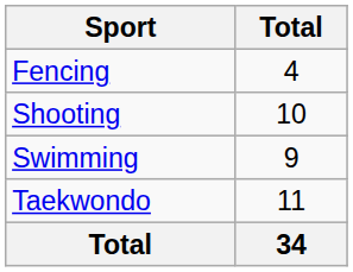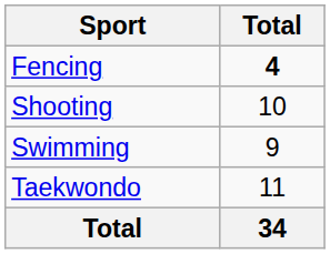 <table class="wikitable sortable" style="font-size:95%; text-align:center;">
 <tr>
 <th width=120>Sport</th>
 <th width=55>Total</th>
 </tr>
 <tr>
 <td align=left><a href='#'>Fencing</a></td>
-<td>4</td>
+<td><strong>4</strong></td>
 </tr>
 <tr>
 <td align=left><a href='#'>Shooting</a></td>
 <td>10</td>
 </tr>
 <tr>
 <td align=left><a href='#'>Swimming</a></td>
 <td>9</td>
 </tr>
 <tr>
 <td align=left><a href='#'>Taekwondo</a></td>
 <td>11</td>
 </tr>
 <tr class="sortbottom">
 <th>Total</th>
 <th>34</th>
 </tr>
 </table>
